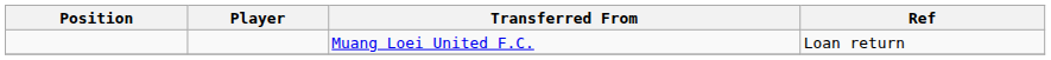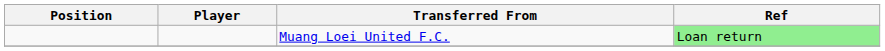 <table class="wikitable sortable" style="width:70%; text-align:center; font-size:100%; text-align:left;">
 <tr>
 <th><strong>Position</strong></th>
 <th><strong>Player</strong></th>
 <th><strong>Transferred From</strong></th>
 <th><strong>Ref</strong></th>
 </tr>
 <tr>
 <td></td>
 <td></td>
 <td> <a href='#'>Muang Loei United F.C.</a></td>
-<td>Loan return</td>
+<td style="background: lightgreen;">Loan return</td>
 </tr>
 <tr>
 </tr>
 </table>
